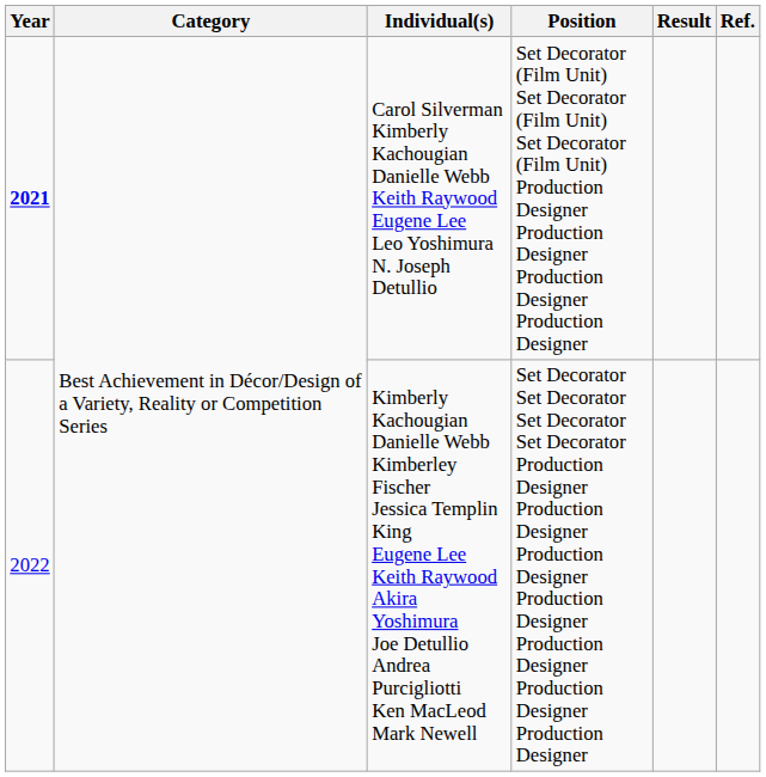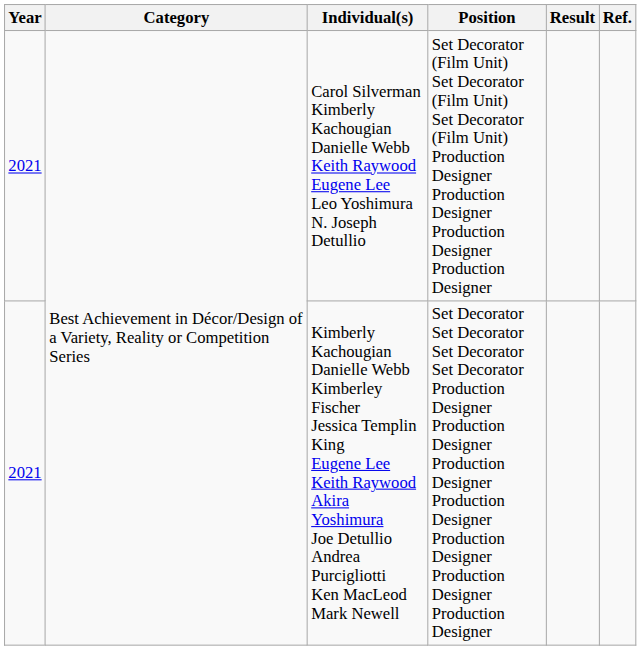 <table class="wikitable">
 <tr>
 <th>Year</th>
 <th>Category</th>
 <th>Individual(s)</th>
 <th>Position</th>
 <th>Result</th>
 <th>Ref.</th>
 </tr>
 <tr>
-<td><strong><a href='#'>2021</a></strong></td>
+<td><a href='#'>2021</a></td>
 <td rowspan="2">Best Achievement in Décor/Design of a Variety, Reality or Competition Series</td>
 <td>Carol Silverman <br> Kimberly Kachougian <br> Danielle Webb <br> <a href='#'>Keith Raywood</a> <br> <a href='#'>Eugene Lee</a> <br> Leo Yoshimura <br> N. Joseph Detullio</td>
 <td>Set Decorator (Film Unit) <br> Set Decorator (Film Unit) <br> Set Decorator (Film Unit) <br> Production Designer <br> Production Designer <br> Production Designer <br> Production Designer</td>
 <td></td>
 <td align="center"></td>
 </tr>
 <tr>
-<td><a href='#'>2022</a></td>
+<td><a href='#'>2021</a></td>
 <td>Kimberly Kachougian <br> Danielle Webb <br> Kimberley Fischer <br> Jessica Templin King <br> <a href='#'>Eugene Lee</a> <br> <a href='#'>Keith Raywood</a> <br> <a href='#'>Akira Yoshimura</a> <br> Joe Detullio <br> Andrea Purcigliotti <br> Ken MacLeod <br> Mark Newell</td>
 <td>Set Decorator <br> Set Decorator <br> Set Decorator <br> Set Decorator <br> Production Designer <br> Production Designer <br> Production Designer <br> Production Designer <br> Production Designer <br> Production Designer <br> Production Designer</td>
 <td></td>
 <td align="center"></td>
 </tr>
 </table>
